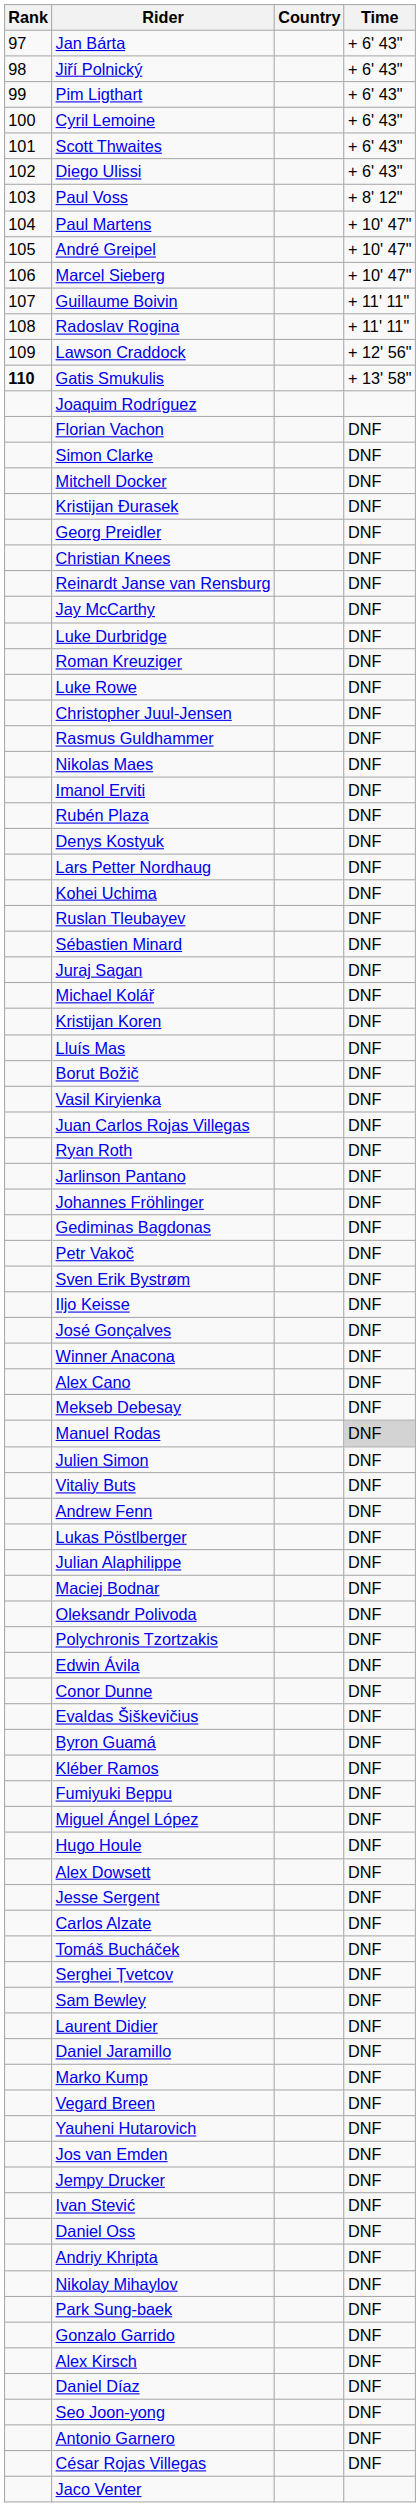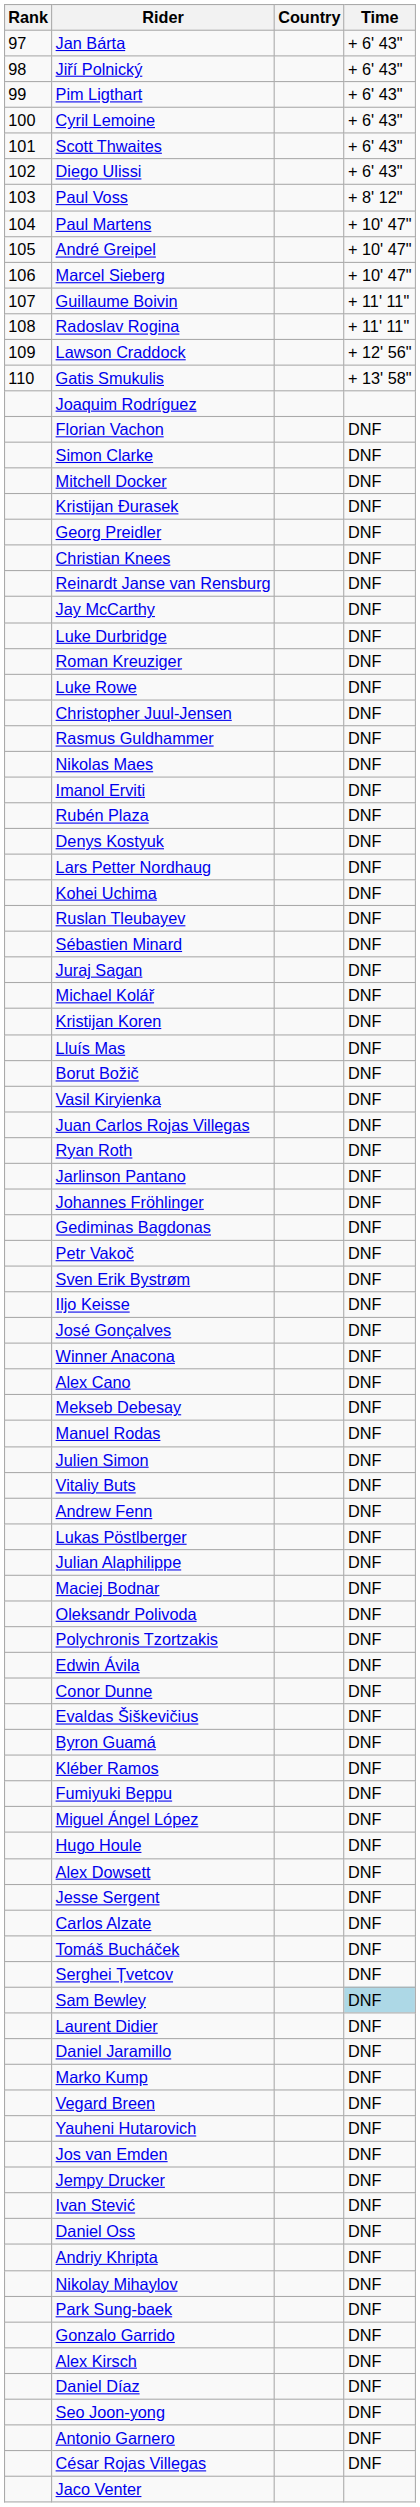 <table class="wikitable" style="font-size:95%; text-align:left;">
 <tr>
 <th>Rank</th>
 <th>Rider</th>
 <th>Country</th>
 <th>Time</th>
 </tr>
 <tr>
 <td>97</td>
 <td><a href='#'>Jan Bárta</a></td>
 <td></td>
 <td>+ 6' 43"</td>
 </tr>
 <tr>
 <td>98</td>
 <td><a href='#'>Jiří Polnický</a></td>
 <td></td>
 <td>+ 6' 43"</td>
 </tr>
 <tr>
 <td>99</td>
 <td><a href='#'>Pim Ligthart</a></td>
 <td></td>
 <td>+ 6' 43"</td>
 </tr>
 <tr>
 <td>100</td>
 <td><a href='#'>Cyril Lemoine</a></td>
 <td></td>
 <td>+ 6' 43"</td>
 </tr>
 <tr>
 <td>101</td>
 <td><a href='#'>Scott Thwaites</a></td>
 <td></td>
 <td>+ 6' 43"</td>
 </tr>
 <tr>
 <td>102</td>
 <td><a href='#'>Diego Ulissi</a></td>
 <td></td>
 <td>+ 6' 43"</td>
 </tr>
 <tr>
 <td>103</td>
 <td><a href='#'>Paul Voss</a></td>
 <td></td>
 <td>+ 8' 12"</td>
 </tr>
 <tr>
 <td>104</td>
 <td><a href='#'>Paul Martens</a></td>
 <td></td>
 <td>+ 10' 47"</td>
 </tr>
 <tr>
 <td>105</td>
 <td><a href='#'>André Greipel</a></td>
 <td></td>
 <td>+ 10' 47"</td>
 </tr>
 <tr>
 <td>106</td>
 <td><a href='#'>Marcel Sieberg</a></td>
 <td></td>
 <td>+ 10' 47"</td>
 </tr>
 <tr>
 <td>107</td>
 <td><a href='#'>Guillaume Boivin</a></td>
 <td></td>
 <td>+ 11' 11"</td>
 </tr>
 <tr>
 <td>108</td>
 <td><a href='#'>Radoslav Rogina</a></td>
 <td></td>
 <td>+ 11' 11"</td>
 </tr>
 <tr>
 <td>109</td>
 <td><a href='#'>Lawson Craddock</a></td>
 <td></td>
 <td>+ 12' 56"</td>
 </tr>
 <tr>
-<td><strong>110</strong></td>
+<td>110</td>
 <td><a href='#'>Gatis Smukulis</a></td>
 <td></td>
 <td>+ 13' 58"</td>
 </tr>
 <tr>
 <td></td>
 <td><a href='#'>Joaquim Rodríguez</a></td>
 <td></td>
 <td></td>
 </tr>
 <tr>
 <td></td>
 <td><a href='#'>Florian Vachon</a></td>
 <td></td>
 <td>DNF</td>
 </tr>
 <tr>
 <td></td>
 <td><a href='#'>Simon Clarke</a></td>
 <td></td>
 <td>DNF</td>
 </tr>
 <tr>
 <td></td>
 <td><a href='#'>Mitchell Docker</a></td>
 <td></td>
 <td>DNF</td>
 </tr>
 <tr>
 <td></td>
 <td><a href='#'>Kristijan Đurasek</a></td>
 <td></td>
 <td>DNF</td>
 </tr>
 <tr>
 <td></td>
 <td><a href='#'>Georg Preidler</a></td>
 <td></td>
 <td>DNF</td>
 </tr>
 <tr>
 <td></td>
 <td><a href='#'>Christian Knees</a></td>
 <td></td>
 <td>DNF</td>
 </tr>
 <tr>
 <td></td>
 <td><a href='#'>Reinardt Janse van Rensburg</a></td>
 <td></td>
 <td>DNF</td>
 </tr>
 <tr>
 <td></td>
 <td><a href='#'>Jay McCarthy</a></td>
 <td></td>
 <td>DNF</td>
 </tr>
 <tr>
 <td></td>
 <td><a href='#'>Luke Durbridge</a></td>
 <td></td>
 <td>DNF</td>
 </tr>
 <tr>
 <td></td>
 <td><a href='#'>Roman Kreuziger</a></td>
 <td></td>
 <td>DNF</td>
 </tr>
 <tr>
 <td></td>
 <td><a href='#'>Luke Rowe</a></td>
 <td></td>
 <td>DNF</td>
 </tr>
 <tr>
 <td></td>
 <td><a href='#'>Christopher Juul-Jensen</a></td>
 <td></td>
 <td>DNF</td>
 </tr>
 <tr>
 <td></td>
 <td><a href='#'>Rasmus Guldhammer</a></td>
 <td></td>
 <td>DNF</td>
 </tr>
 <tr>
 <td></td>
 <td><a href='#'>Nikolas Maes</a></td>
 <td></td>
 <td>DNF</td>
 </tr>
 <tr>
 <td></td>
 <td><a href='#'>Imanol Erviti</a></td>
 <td></td>
 <td>DNF</td>
 </tr>
 <tr>
 <td></td>
 <td><a href='#'>Rubén Plaza</a></td>
 <td></td>
 <td>DNF</td>
 </tr>
 <tr>
 <td></td>
 <td><a href='#'>Denys Kostyuk</a></td>
 <td></td>
 <td>DNF</td>
 </tr>
 <tr>
 <td></td>
 <td><a href='#'>Lars Petter Nordhaug</a></td>
 <td></td>
 <td>DNF</td>
 </tr>
 <tr>
 <td></td>
 <td><a href='#'>Kohei Uchima</a></td>
 <td></td>
 <td>DNF</td>
 </tr>
 <tr>
 <td></td>
 <td><a href='#'>Ruslan Tleubayev</a></td>
 <td></td>
 <td>DNF</td>
 </tr>
 <tr>
 <td></td>
 <td><a href='#'>Sébastien Minard</a></td>
 <td></td>
 <td>DNF</td>
 </tr>
 <tr>
 <td></td>
 <td><a href='#'>Juraj Sagan</a></td>
 <td></td>
 <td>DNF</td>
 </tr>
 <tr>
 <td></td>
 <td><a href='#'>Michael Kolář</a></td>
 <td></td>
 <td>DNF</td>
 </tr>
 <tr>
 <td></td>
 <td><a href='#'>Kristijan Koren</a></td>
 <td></td>
 <td>DNF</td>
 </tr>
 <tr>
 <td></td>
 <td><a href='#'>Lluís Mas</a></td>
 <td></td>
 <td>DNF</td>
 </tr>
 <tr>
 <td></td>
 <td><a href='#'>Borut Božič</a></td>
 <td></td>
 <td>DNF</td>
 </tr>
 <tr>
 <td></td>
 <td><a href='#'>Vasil Kiryienka</a></td>
 <td></td>
 <td>DNF</td>
 </tr>
 <tr>
 <td></td>
 <td><a href='#'>Juan Carlos Rojas Villegas</a></td>
 <td></td>
 <td>DNF</td>
 </tr>
 <tr>
 <td></td>
 <td><a href='#'>Ryan Roth</a></td>
 <td></td>
 <td>DNF</td>
 </tr>
 <tr>
 <td></td>
 <td><a href='#'>Jarlinson Pantano</a></td>
 <td></td>
 <td>DNF</td>
 </tr>
 <tr>
 <td></td>
 <td><a href='#'>Johannes Fröhlinger</a></td>
 <td></td>
 <td>DNF</td>
 </tr>
 <tr>
 <td></td>
 <td><a href='#'>Gediminas Bagdonas</a></td>
 <td></td>
 <td>DNF</td>
 </tr>
 <tr>
 <td></td>
 <td><a href='#'>Petr Vakoč</a></td>
 <td></td>
 <td>DNF</td>
 </tr>
 <tr>
 <td></td>
 <td><a href='#'>Sven Erik Bystrøm</a></td>
 <td></td>
 <td>DNF</td>
 </tr>
 <tr>
 <td></td>
 <td><a href='#'>Iljo Keisse</a></td>
 <td></td>
 <td>DNF</td>
 </tr>
 <tr>
 <td></td>
 <td><a href='#'>José Gonçalves</a></td>
 <td></td>
 <td>DNF</td>
 </tr>
 <tr>
 <td></td>
 <td><a href='#'>Winner Anacona</a></td>
 <td></td>
 <td>DNF</td>
 </tr>
 <tr>
 <td></td>
 <td><a href='#'>Alex Cano</a></td>
 <td></td>
 <td>DNF</td>
 </tr>
 <tr>
 <td></td>
 <td><a href='#'>Mekseb Debesay</a></td>
 <td></td>
 <td>DNF</td>
 </tr>
 <tr>
 <td></td>
 <td><a href='#'>Manuel Rodas</a></td>
 <td></td>
-<td style="background: lightgrey;">DNF</td>
+<td>DNF</td>
 </tr>
 <tr>
 <td></td>
 <td><a href='#'>Julien Simon</a></td>
 <td></td>
 <td>DNF</td>
 </tr>
 <tr>
 <td></td>
 <td><a href='#'>Vitaliy Buts</a></td>
 <td></td>
 <td>DNF</td>
 </tr>
 <tr>
 <td></td>
 <td><a href='#'>Andrew Fenn</a></td>
 <td></td>
 <td>DNF</td>
 </tr>
 <tr>
 <td></td>
 <td><a href='#'>Lukas Pöstlberger</a></td>
 <td></td>
 <td>DNF</td>
 </tr>
 <tr>
 <td></td>
 <td><a href='#'>Julian Alaphilippe</a></td>
 <td></td>
 <td>DNF</td>
 </tr>
 <tr>
 <td></td>
 <td><a href='#'>Maciej Bodnar</a></td>
 <td></td>
 <td>DNF</td>
 </tr>
 <tr>
 <td></td>
 <td><a href='#'>Oleksandr Polivoda</a></td>
 <td></td>
 <td>DNF</td>
 </tr>
 <tr>
 <td></td>
 <td><a href='#'>Polychronis Tzortzakis</a></td>
 <td></td>
 <td>DNF</td>
 </tr>
 <tr>
 <td></td>
 <td><a href='#'>Edwin Ávila</a></td>
 <td></td>
 <td>DNF</td>
 </tr>
 <tr>
 <td></td>
 <td><a href='#'>Conor Dunne</a></td>
 <td></td>
 <td>DNF</td>
 </tr>
 <tr>
 <td></td>
 <td><a href='#'>Evaldas Šiškevičius</a></td>
 <td></td>
 <td>DNF</td>
 </tr>
 <tr>
 <td></td>
 <td><a href='#'>Byron Guamá</a></td>
 <td></td>
 <td>DNF</td>
 </tr>
 <tr>
 <td></td>
 <td><a href='#'>Kléber Ramos</a></td>
 <td></td>
 <td>DNF</td>
 </tr>
 <tr>
 <td></td>
 <td><a href='#'>Fumiyuki Beppu</a></td>
 <td></td>
 <td>DNF</td>
 </tr>
 <tr>
 <td></td>
 <td><a href='#'>Miguel Ángel López</a></td>
 <td></td>
 <td>DNF</td>
 </tr>
 <tr>
 <td></td>
 <td><a href='#'>Hugo Houle</a></td>
 <td></td>
 <td>DNF</td>
 </tr>
 <tr>
 <td></td>
 <td><a href='#'>Alex Dowsett</a></td>
 <td></td>
 <td>DNF</td>
 </tr>
 <tr>
 <td></td>
 <td><a href='#'>Jesse Sergent</a></td>
 <td></td>
 <td>DNF</td>
 </tr>
 <tr>
 <td></td>
 <td><a href='#'>Carlos Alzate</a></td>
 <td></td>
 <td>DNF</td>
 </tr>
 <tr>
 <td></td>
 <td><a href='#'>Tomáš Bucháček</a></td>
 <td></td>
 <td>DNF</td>
 </tr>
 <tr>
 <td></td>
 <td><a href='#'>Serghei Țvetcov</a></td>
 <td></td>
 <td>DNF</td>
 </tr>
 <tr>
 <td></td>
 <td><a href='#'>Sam Bewley</a></td>
 <td></td>
-<td>DNF</td>
+<td style="background: lightblue;">DNF</td>
 </tr>
 <tr>
 <td></td>
 <td><a href='#'>Laurent Didier</a></td>
 <td></td>
 <td>DNF</td>
 </tr>
 <tr>
 <td></td>
 <td><a href='#'>Daniel Jaramillo</a></td>
 <td></td>
 <td>DNF</td>
 </tr>
 <tr>
 <td></td>
 <td><a href='#'>Marko Kump</a></td>
 <td></td>
 <td>DNF</td>
 </tr>
 <tr>
 <td></td>
 <td><a href='#'>Vegard Breen</a></td>
 <td></td>
 <td>DNF</td>
 </tr>
 <tr>
 <td></td>
 <td><a href='#'>Yauheni Hutarovich</a></td>
 <td></td>
 <td>DNF</td>
 </tr>
 <tr>
 <td></td>
 <td><a href='#'>Jos van Emden</a></td>
 <td></td>
 <td>DNF</td>
 </tr>
 <tr>
 <td></td>
 <td><a href='#'>Jempy Drucker</a></td>
 <td></td>
 <td>DNF</td>
 </tr>
 <tr>
 <td></td>
 <td><a href='#'>Ivan Stević</a></td>
 <td></td>
 <td>DNF</td>
 </tr>
 <tr>
 <td></td>
 <td><a href='#'>Daniel Oss</a></td>
 <td></td>
 <td>DNF</td>
 </tr>
 <tr>
 <td></td>
 <td><a href='#'>Andriy Khripta</a></td>
 <td></td>
 <td>DNF</td>
 </tr>
 <tr>
 <td></td>
 <td><a href='#'>Nikolay Mihaylov</a></td>
 <td></td>
 <td>DNF</td>
 </tr>
 <tr>
 <td></td>
 <td><a href='#'>Park Sung-baek</a></td>
 <td></td>
 <td>DNF</td>
 </tr>
 <tr>
 <td></td>
 <td><a href='#'>Gonzalo Garrido</a></td>
 <td></td>
 <td>DNF</td>
 </tr>
 <tr>
 <td></td>
 <td><a href='#'>Alex Kirsch</a></td>
 <td></td>
 <td>DNF</td>
 </tr>
 <tr>
 <td></td>
 <td><a href='#'>Daniel Díaz</a></td>
 <td></td>
 <td>DNF</td>
 </tr>
 <tr>
 <td></td>
 <td><a href='#'>Seo Joon-yong</a></td>
 <td></td>
 <td>DNF</td>
 </tr>
 <tr>
 <td></td>
 <td><a href='#'>Antonio Garnero</a></td>
 <td></td>
 <td>DNF</td>
 </tr>
 <tr>
 <td></td>
 <td><a href='#'>César Rojas Villegas</a></td>
 <td></td>
 <td>DNF</td>
 </tr>
 <tr>
 <td></td>
 <td><a href='#'>Jaco Venter</a></td>
 <td></td>
 <td></td>
 </tr>
 </table>
